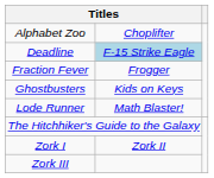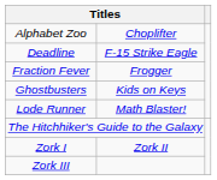 <table class="wikitable sortable" style="text-align:center">
 <tr>
 <th colspan="2">Titles</th>
 <th class="unsortable"></th>
 </tr>
 <tr>
 <td><em>Alphabet Zoo</em></td>
 <td><em><a href='#'>Choplifter</a></em></td>
 <td rowspan="5"></td>
 </tr>
 <tr>
 <td><a href='#'><em>Deadline</em></a></td>
-<td style="background: lightblue;"><a href='#'><em>F-15 Strike Eagle</em></a></td>
+<td><a href='#'><em>F-15 Strike Eagle</em></a></td>
 </tr>
 <tr>
 <td><em><a href='#'>Fraction Fever</a></em></td>
 <td><em><a href='#'>Frogger</a></em></td>
 </tr>
 <tr>
 <td><em><a href='#'>Ghostbusters</a></em></td>
 <td><em><a href='#'>Kids on Keys</a></em></td>
 </tr>
 <tr>
 <td><em><a href='#'>Lode Runner</a></em></td>
 <td><em><a href='#'>Math Blaster!</a></em></td>
 </tr>
 <tr>
 <td colspan="2"><a href='#'><em>The Hitchhiker's Guide to the Galaxy</em></a></td>
 <td rowspan="3"></td>
 </tr>
 <tr>
 <td><em><a href='#'>Zork I</a></em></td>
 <td><em><a href='#'>Zork II</a></em></td>
 </tr>
 <tr>
 <td><em><a href='#'>Zork III</a></em></td>
 <td></td>
 </tr>
 </table>
